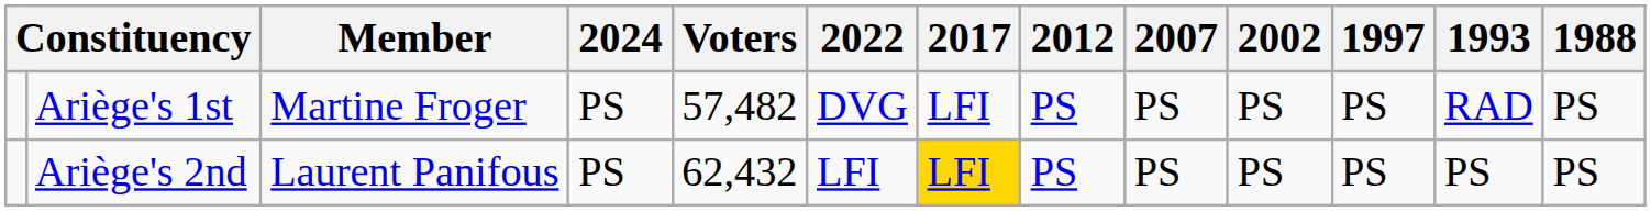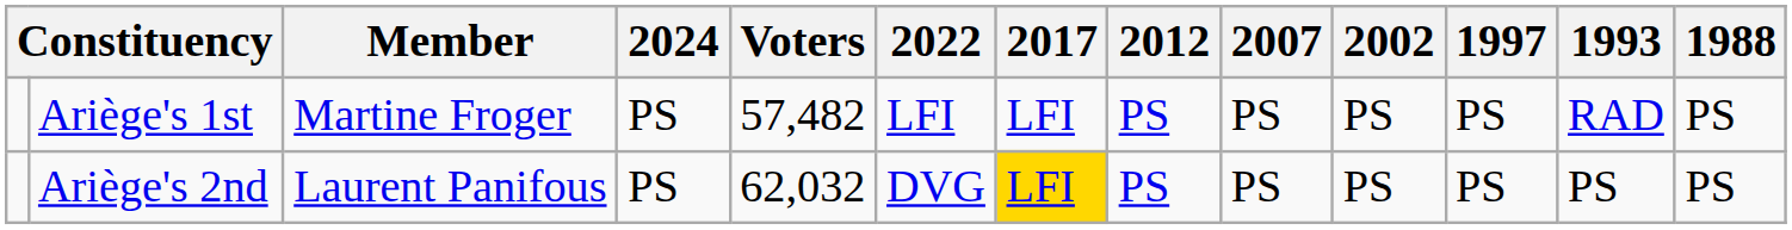 <table class="wikitable sortable">
 <tr>
 <th colspan="2">Constituency</th>
 <th>Member</th>
 <th>2024</th>
 <th>Voters</th>
 <th>2022</th>
 <th>2017</th>
 <th>2012</th>
 <th>2007</th>
 <th>2002</th>
 <th>1997</th>
 <th>1993</th>
 <th>1988</th>
 </tr>
 <tr>
 <td style="background-color: "></td>
 <td><a href='#'>Ariège's 1st</a></td>
 <td><a href='#'>Martine Froger</a></td>
 <td bgcolor=>PS</td>
 <td>57,482</td>
-<td><a href='#'>DVG</a></td>
+<td><a href='#'>LFI</a></td>
 <td><a href='#'>LFI</a></td>
 <td bgcolor=><a href='#'>PS</a></td>
 <td bgcolor=>PS</td>
 <td bgcolor=>PS</td>
 <td bgcolor=>PS</td>
 <td bgcolor=><a href='#'>RAD</a></td>
 <td bgcolor=>PS</td>
 </tr>
 <tr>
 <td style="background-color: "></td>
 <td><a href='#'>Ariège's 2nd</a></td>
 <td><a href='#'>Laurent Panifous</a></td>
 <td bgcolor=>PS</td>
-<td>62,432</td>
-<td><a href='#'>LFI</a></td>
+<td>62,032</td>
+<td><a href='#'>DVG</a></td>
 <td style="background: gold;"><a href='#'>LFI</a></td>
 <td bgcolor=><a href='#'>PS</a></td>
 <td bgcolor=>PS</td>
 <td bgcolor=>PS</td>
 <td bgcolor=>PS</td>
 <td bgcolor=>PS</td>
 <td bgcolor=>PS</td>
 </tr>
 </table>
